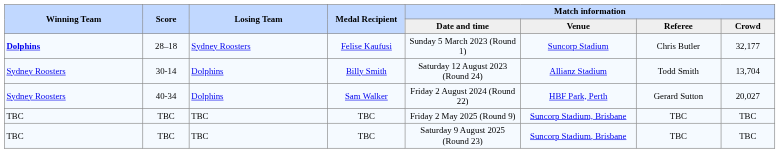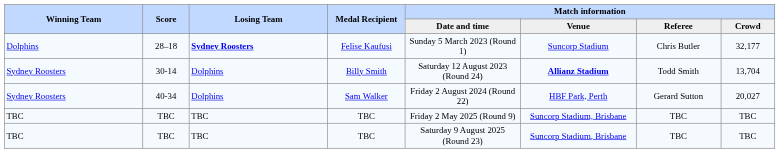 <table border=1 style="border-collapse:collapse; font-size:90%;" cellpadding=3 cellspacing=0 width=100%>
 <tr bgcolor=#C1D8FF>
 <th rowspan=2 width=18%>Winning Team</th>
 <th rowspan=2 width=6%>Score</th>
 <th rowspan=2 width=18%>Losing Team</th>
 <th rowspan=2 width=10%>Medal Recipient</th>
 <th colspan=6>Match information</th>
 </tr>
 <tr bgcolor=#EFEFEF>
 <th width=15%>Date and time</th>
 <th width=15%>Venue</th>
 <th width=11%>Referee</th>
 <th width=7%>Crowd</th>
 </tr>
 <tr align=center bgcolor=#F5FAFF>
-<td align=left><strong> <a href='#'>Dolphins</a></strong></td>
+<td align=left> <a href='#'>Dolphins</a></td>
 <td>28–18</td>
-<td align=left> <a href='#'>Sydney Roosters</a></td>
+<td align=left><strong> <a href='#'>Sydney Roosters</a></strong></td>
 <td><a href='#'>Felise Kaufusi</a></td>
 <td>Sunday 5 March 2023 (Round 1)</td>
 <td><a href='#'>Suncorp Stadium</a></td>
 <td>Chris Butler</td>
 <td>32,177</td>
 </tr>
 <tr align=center bgcolor=#F5FAFF>
 <td align=left> <a href='#'>Sydney Roosters</a></td>
 <td>30-14</td>
 <td align=left> <a href='#'>Dolphins</a></td>
 <td><a href='#'>Billy Smith</a></td>
 <td>Saturday 12 August 2023 (Round 24)</td>
-<td><a href='#'>Allianz Stadium</a></td>
+<td><strong><a href='#'>Allianz Stadium</a></strong></td>
 <td>Todd Smith</td>
 <td>13,704</td>
 </tr>
 <tr align=center bgcolor=#F5FAFF>
 <td align=left> <a href='#'>Sydney Roosters</a></td>
 <td>40-34</td>
 <td align=left> <a href='#'>Dolphins</a></td>
 <td><a href='#'>Sam Walker</a></td>
 <td>Friday 2 August 2024 (Round 22)</td>
 <td><a href='#'>HBF Park, Perth</a></td>
 <td>Gerard Sutton</td>
 <td>20,027</td>
 </tr>
 <tr align=center bgcolor=#F5FAFF>
 <td align=left>TBC</td>
 <td>TBC</td>
 <td align=left>TBC</td>
 <td>TBC</td>
 <td>Friday 2 May 2025 (Round 9)</td>
 <td><a href='#'>Suncorp Stadium, Brisbane</a></td>
 <td>TBC</td>
 <td>TBC</td>
 </tr>
 <tr align=center bgcolor=#F5FAFF>
 <td align=left>TBC</td>
 <td>TBC</td>
 <td align=left>TBC</td>
 <td>TBC</td>
 <td>Saturday 9 August 2025 (Round 23)</td>
 <td><a href='#'>Suncorp Stadium, Brisbane</a></td>
 <td>TBC</td>
 <td>TBC</td>
 </tr>
 </table>
